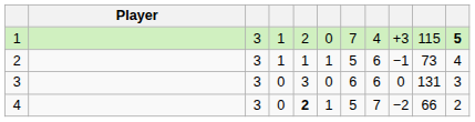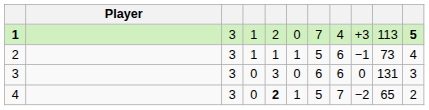 <table class="wikitable" style="text-align:center; margin: 1em auto 1em auto, align:left">
 <tr>
 <th width=20></th>
 <th width=240>Player</th>
 <th width=20></th>
 <th width=20></th>
 <th width=20></th>
 <th width=20></th>
 <th width=20></th>
 <th width=20></th>
 <th width=20></th>
 <th width=30></th>
 <th width=20></th>
 </tr>
 <tr style="background:#D0F0C0;">
-<td>1</td>
+<td><strong>1</strong></td>
 <td align=left></td>
 <td>3</td>
 <td>1</td>
 <td>2</td>
 <td>0</td>
 <td>7</td>
 <td>4</td>
 <td>+3</td>
-<td>115</td>
+<td>113</td>
 <td><strong>5</strong></td>
 </tr>
 <tr style=>
 <td>2</td>
 <td align=left></td>
 <td>3</td>
 <td>1</td>
 <td>1</td>
 <td>1</td>
 <td>5</td>
 <td>6</td>
 <td>−1</td>
 <td>73</td>
 <td>4</td>
 </tr>
 <tr style=>
 <td>3</td>
 <td align=left></td>
 <td>3</td>
 <td>0</td>
 <td>3</td>
 <td>0</td>
 <td>6</td>
 <td>6</td>
 <td>0</td>
 <td>131</td>
 <td>3</td>
 </tr>
 <tr style=>
 <td>4</td>
 <td align=left></td>
 <td>3</td>
 <td>0</td>
 <td><strong>2</strong></td>
 <td>1</td>
 <td>5</td>
 <td>7</td>
 <td>−2</td>
-<td>66</td>
+<td>65</td>
 <td>2</td>
 </tr>
 </table>
